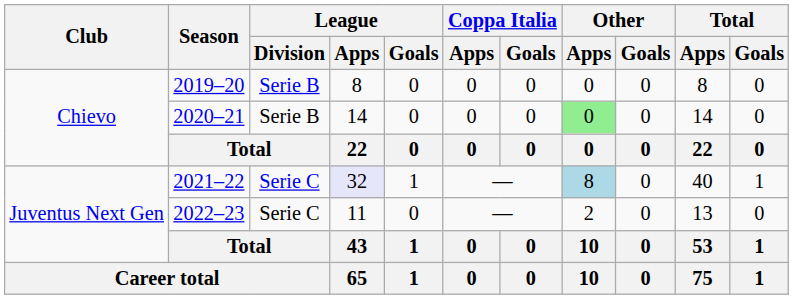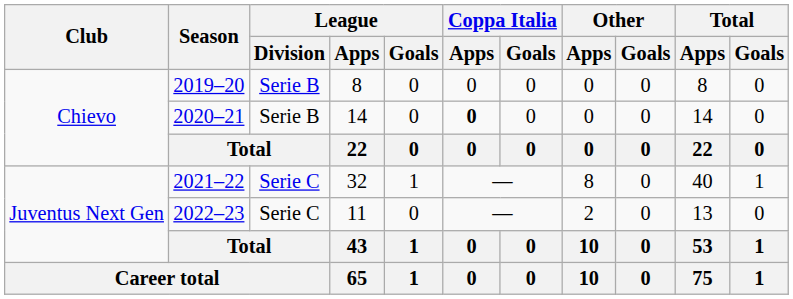 <table class="wikitable" style="text-align:center">
 <tr>
 <th rowspan="2">Club</th>
 <th rowspan="2">Season</th>
 <th colspan="3">League</th>
 <th colspan="2"><a href='#'>Coppa Italia</a></th>
 <th colspan="2">Other</th>
 <th colspan="2">Total</th>
 </tr>
 <tr>
 <th>Division</th>
 <th>Apps</th>
 <th>Goals</th>
 <th>Apps</th>
 <th>Goals</th>
 <th>Apps</th>
 <th>Goals</th>
 <th>Apps</th>
 <th>Goals</th>
 </tr>
 <tr>
 <td rowspan="3"><a href='#'>Chievo</a></td>
 <td><a href='#'>2019–20</a></td>
 <td><a href='#'>Serie B</a></td>
 <td>8</td>
 <td>0</td>
 <td>0</td>
 <td 0!>0</td>
 <td>0</td>
 <td>0</td>
 <td>8</td>
 <td>0</td>
 </tr>
 <tr>
 <td><a href='#'>2020–21</a></td>
 <td>Serie B</td>
 <td>14</td>
 <td>0</td>
+<td><strong>0</strong></td>
 <td>0</td>
 <td>0</td>
-<td style="background: lightgreen;">0</td>
 <td>0</td>
 <td>14</td>
 <td>0</td>
 </tr>
 <tr>
 <th colspan="2">Total</th>
 <th>22</th>
 <th>0</th>
 <th>0</th>
 <th>0</th>
 <th>0</th>
 <th>0</th>
 <th>22</th>
 <th>0</th>
 </tr>
 <tr>
 <td rowspan="3"><a href='#'>Juventus Next Gen</a></td>
 <td><a href='#'>2021–22</a></td>
 <td><a href='#'>Serie C</a></td>
-<td style="background: lavender;">32</td>
+<td>32</td>
 <td>1</td>
 <td colspan="2">—</td>
-<td style="background: lightblue;">8</td>
+<td>8</td>
 <td>0</td>
 <td>40</td>
 <td>1</td>
 </tr>
 <tr>
 <td><a href='#'>2022–23</a></td>
 <td>Serie C</td>
 <td>11</td>
 <td>0</td>
 <td colspan="2">—</td>
 <td>2</td>
 <td>0</td>
 <td>13</td>
 <td>0</td>
 </tr>
 <tr>
 <th colspan="2">Total</th>
 <th>43</th>
 <th>1</th>
 <th>0</th>
 <th>0</th>
 <th>10</th>
 <th>0</th>
 <th>53</th>
 <th>1</th>
 </tr>
 <tr>
 <th colspan="3">Career total</th>
 <th>65</th>
 <th>1</th>
 <th>0</th>
 <th>0</th>
 <th>10</th>
 <th>0</th>
 <th>75</th>
 <th>1</th>
 </tr>
 </table>
